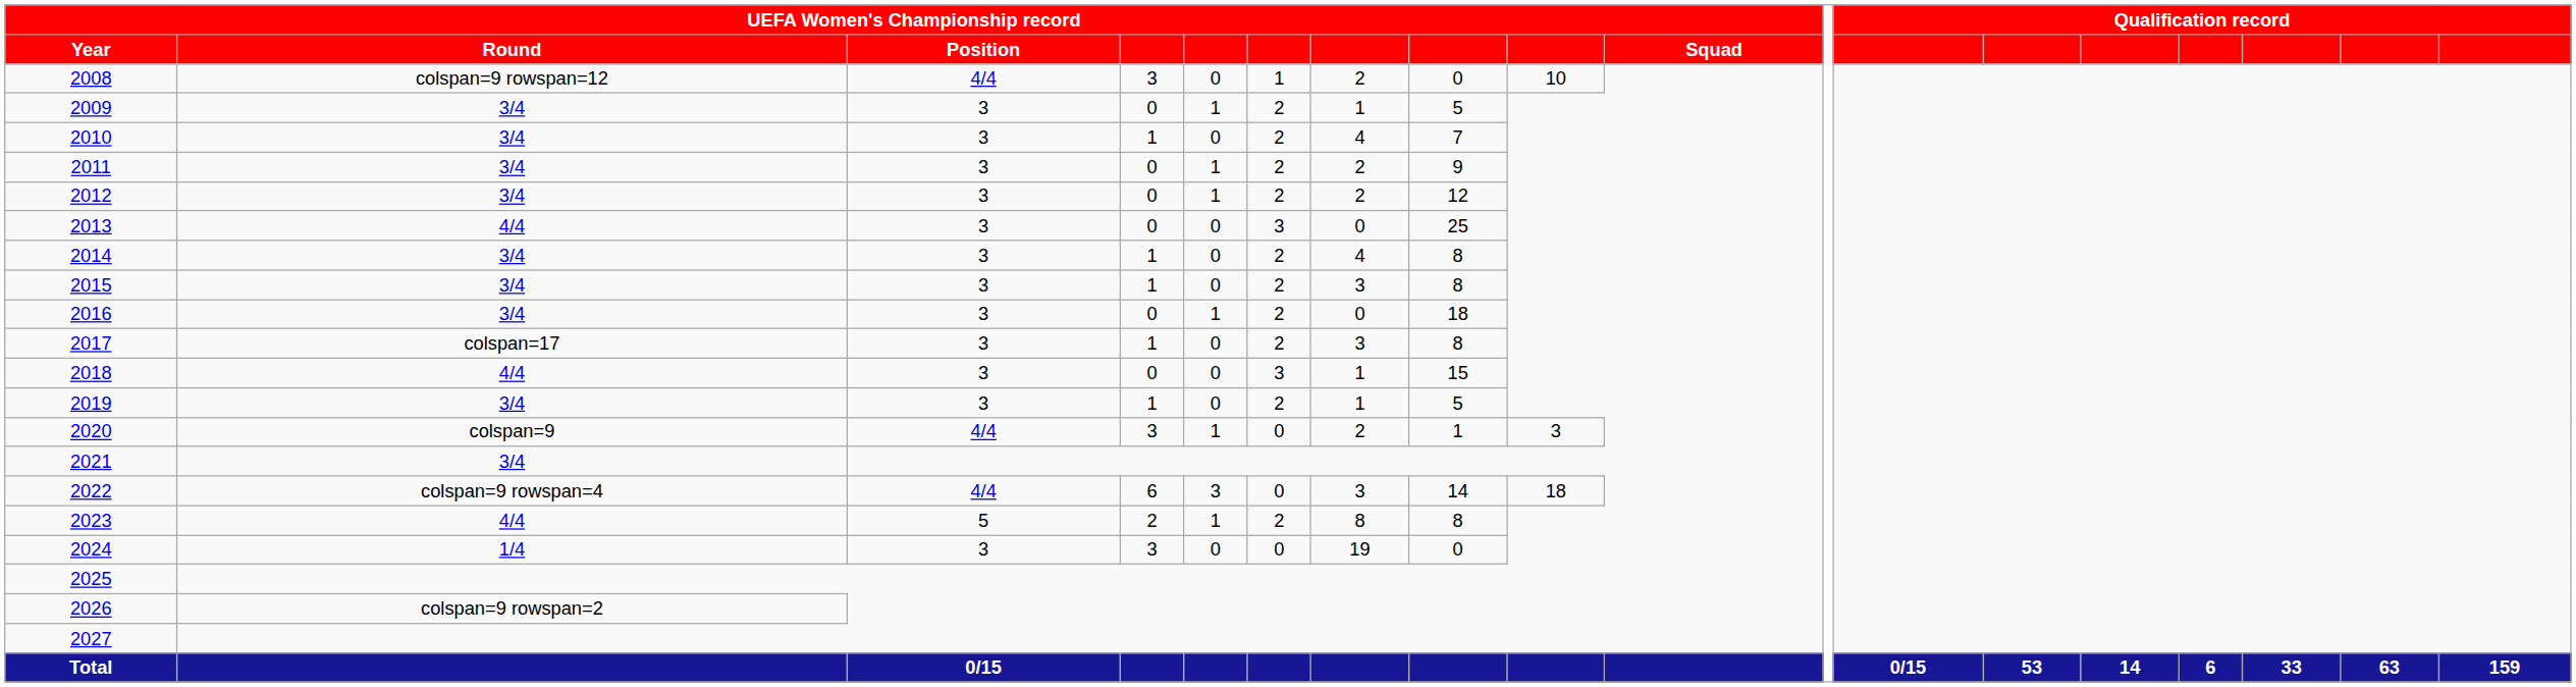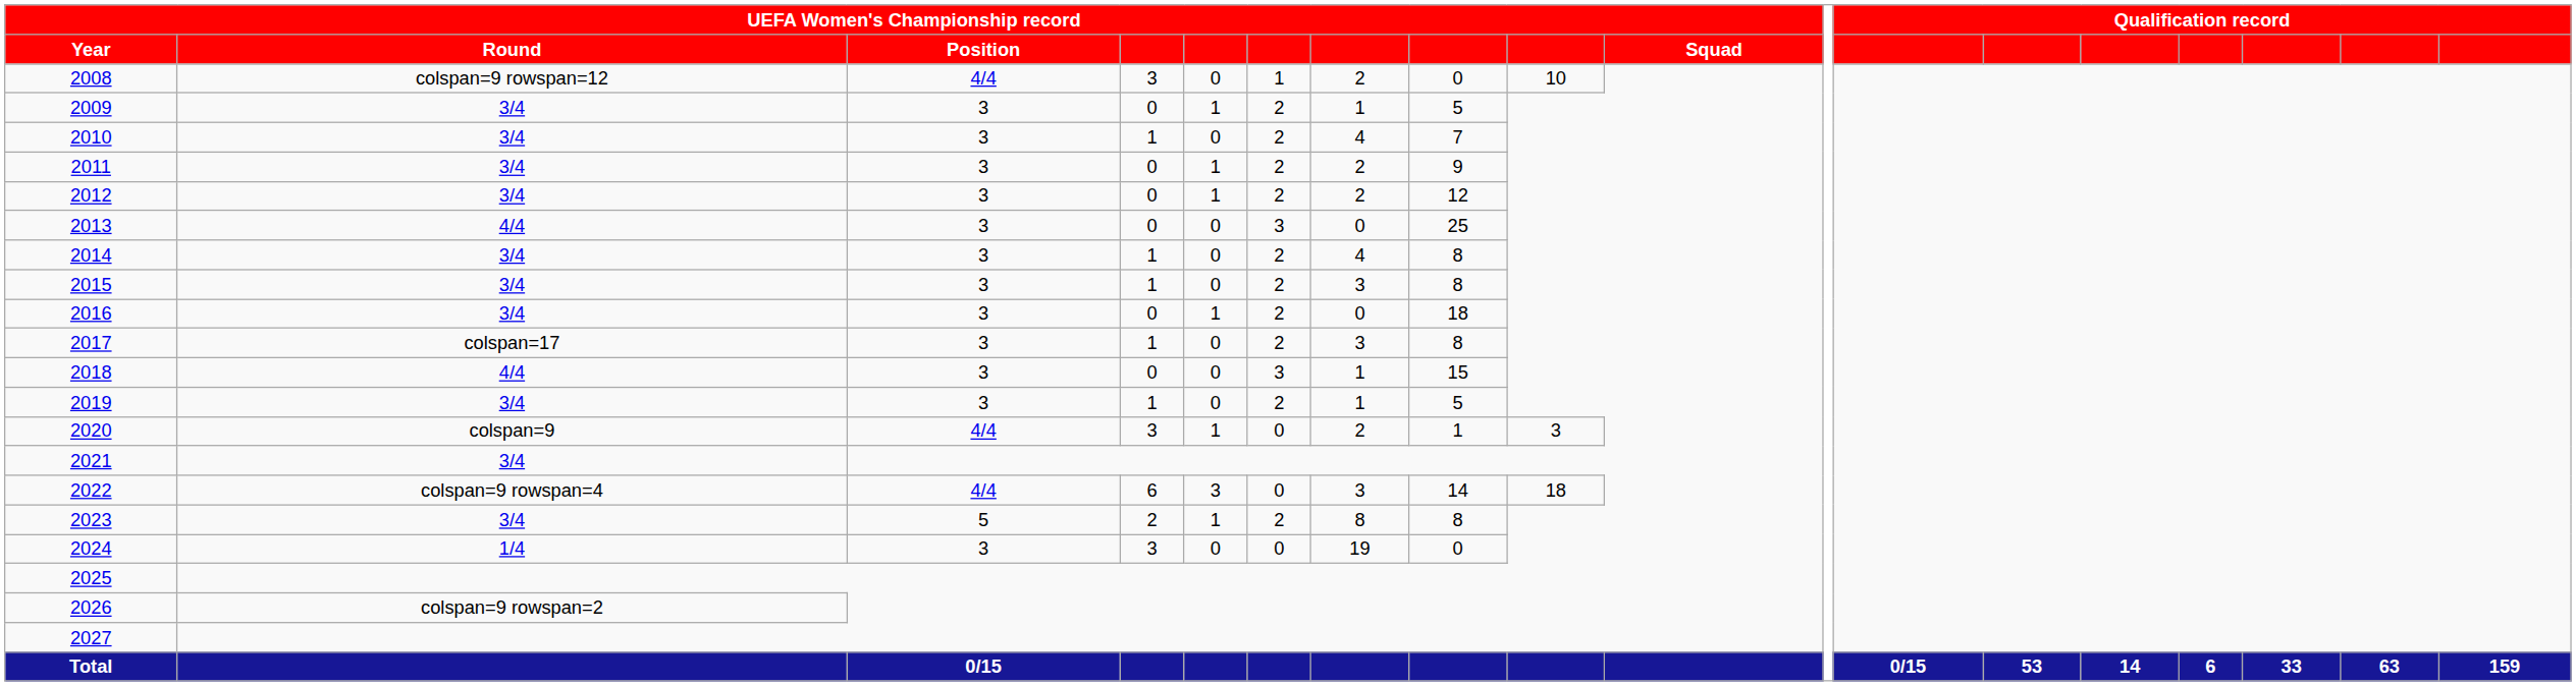 <table class="wikitable" style="font-size:90%; text-align:center;" width="100%" class="wikitable">
 <tr>
 <th colspan=10 style="background:#ff0000; color:white; ">UEFA Women's Championship record</th>
 <th width="1" rowspan=28 style="background:#FFFFFF; color:white"></th>
 <th colspan=7 style="background:#ff0000; color:white; ">Qualification record</th>
 </tr>
 <tr>
 <th style="background:#ff0000; color:white; ">Year</th>
 <th style="background:#ff0000; color:white; ">Round</th>
 <th style="background:#ff0000; color:white; ">Position</th>
 <th style="background:#ff0000; color:white; "></th>
 <th style="background:#ff0000; color:white; "></th>
 <th style="background:#ff0000; color:white; "></th>
 <th style="background:#ff0000; color:white; "></th>
 <th style="background:#ff0000; color:white; "></th>
 <th style="background:#ff0000; color:white; "></th>
 <th style="background:#ff0000; color:white; ">Squad</th>
 <th style="background:#ff0000; color:white; "></th>
 <th style="background:#ff0000; color:white; "></th>
 <th style="background:#ff0000; color:white; "></th>
 <th style="background:#ff0000; color:white; "></th>
 <th style="background:#ff0000; color:white; "></th>
 <th style="background:#ff0000; color:white; "></th>
 <th style="background:#ff0000; color:white; "></th>
 </tr>
 <tr>
 <td> <a href='#'>2008</a></td>
 <td>colspan=9 rowspan=12 </td>
 <td><a href='#'>4/4</a></td>
 <td>3</td>
 <td>0</td>
 <td>1</td>
 <td>2</td>
 <td>0</td>
 <td>10</td>
 </tr>
 <tr>
 <td> <a href='#'>2009</a></td>
 <td><a href='#'>3/4</a></td>
 <td>3</td>
 <td>0</td>
 <td>1</td>
 <td>2</td>
 <td>1</td>
 <td>5</td>
 </tr>
 <tr>
 <td> <a href='#'>2010</a></td>
 <td><a href='#'>3/4</a></td>
 <td>3</td>
 <td>1</td>
 <td>0</td>
 <td>2</td>
 <td>4</td>
 <td>7</td>
 </tr>
 <tr>
 <td> <a href='#'>2011</a></td>
 <td><a href='#'>3/4</a></td>
 <td>3</td>
 <td>0</td>
 <td>1</td>
 <td>2</td>
 <td>2</td>
 <td>9</td>
 </tr>
 <tr>
 <td> <a href='#'>2012</a></td>
 <td><a href='#'>3/4</a></td>
 <td>3</td>
 <td>0</td>
 <td>1</td>
 <td>2</td>
 <td>2</td>
 <td>12</td>
 </tr>
 <tr>
 <td> <a href='#'>2013</a></td>
 <td><a href='#'>4/4</a></td>
 <td>3</td>
 <td>0</td>
 <td>0</td>
 <td>3</td>
 <td>0</td>
 <td>25</td>
 </tr>
 <tr>
 <td> <a href='#'>2014</a></td>
 <td><a href='#'>3/4</a></td>
 <td>3</td>
 <td>1</td>
 <td>0</td>
 <td>2</td>
 <td>4</td>
 <td>8</td>
 </tr>
 <tr>
 <td> <a href='#'>2015</a></td>
 <td><a href='#'>3/4</a></td>
 <td>3</td>
 <td>1</td>
 <td>0</td>
 <td>2</td>
 <td>3</td>
 <td>8</td>
 </tr>
 <tr>
 <td> <a href='#'>2016</a></td>
 <td><a href='#'>3/4</a></td>
 <td>3</td>
 <td>0</td>
 <td>1</td>
 <td>2</td>
 <td>0</td>
 <td>18</td>
 </tr>
 <tr>
 <td> <a href='#'>2017</a></td>
 <td>colspan=17 </td>
 <td>3</td>
 <td>1</td>
 <td>0</td>
 <td>2</td>
 <td>3</td>
 <td>8</td>
 </tr>
 <tr>
 <td> <a href='#'>2018</a></td>
 <td><a href='#'>4/4</a></td>
 <td>3</td>
 <td>0</td>
 <td>0</td>
 <td>3</td>
 <td>1</td>
 <td>15</td>
 </tr>
 <tr>
 <td> <a href='#'>2019</a></td>
 <td><a href='#'>3/4</a></td>
 <td>3</td>
 <td>1</td>
 <td>0</td>
 <td>2</td>
 <td>1</td>
 <td>5</td>
 </tr>
 <tr>
 <td> <a href='#'>2020</a></td>
 <td>colspan=9 </td>
 <td><a href='#'>4/4</a></td>
 <td>3</td>
 <td>1</td>
 <td>0</td>
 <td>2</td>
 <td>1</td>
 <td>3</td>
 </tr>
 <tr>
 <td> <a href='#'>2021</a></td>
 <td><a href='#'>3/4</a></td>
 </tr>
 <tr>
 <td> <a href='#'>2022</a></td>
 <td>colspan=9 rowspan=4 </td>
 <td><a href='#'>4/4</a></td>
 <td>6</td>
 <td>3</td>
 <td>0</td>
 <td>3</td>
 <td>14</td>
 <td>18</td>
 </tr>
 <tr>
 <td> <a href='#'>2023</a></td>
-<td><a href='#'>4/4</a></td>
+<td><a href='#'>3/4</a></td>
 <td>5</td>
 <td>2</td>
 <td>1</td>
 <td>2</td>
 <td>8</td>
 <td>8</td>
 </tr>
 <tr>
 <td> <a href='#'>2024</a></td>
 <td><a href='#'>1/4</a></td>
 <td>3</td>
 <td>3</td>
 <td>0</td>
 <td>0</td>
 <td>19</td>
 <td>0</td>
 </tr>
 <tr>
 <td> <a href='#'>2025</a></td>
 </tr>
 <tr>
 <td> <a href='#'>2026</a></td>
 <td>colspan=9 rowspan=2 </td>
 </tr>
 <tr>
 <td> <a href='#'>2027</a></td>
 </tr>
 <tr>
 <th style="background:#171796; color:white; ">Total</th>
 <th style="background:#171796; color:white; "></th>
 <th style="background:#171796; color:white; ">0/15</th>
 <th style="background:#171796; color:white; "></th>
 <th style="background:#171796; color:white; "></th>
 <th style="background:#171796; color:white; "></th>
 <th style="background:#171796; color:white; "></th>
 <th style="background:#171796; color:white; "></th>
 <th style="background:#171796; color:white; "></th>
 <th style="background:#171796; color:white; "></th>
 <th style="background:#171796; color:white; ">0/15</th>
 <th style="background:#171796; color:white; ">53</th>
 <th style="background:#171796; color:white; ">14</th>
 <th style="background:#171796; color:white; ">6</th>
 <th style="background:#171796; color:white; ">33</th>
 <th style="background:#171796; color:white; ">63</th>
 <th style="background:#171796; color:white; ">159</th>
 </tr>
 </table>
